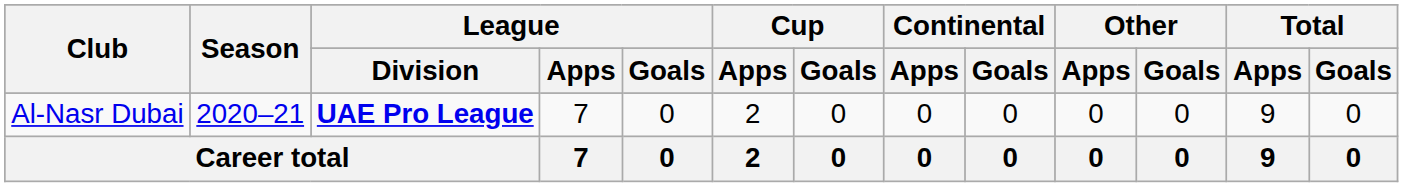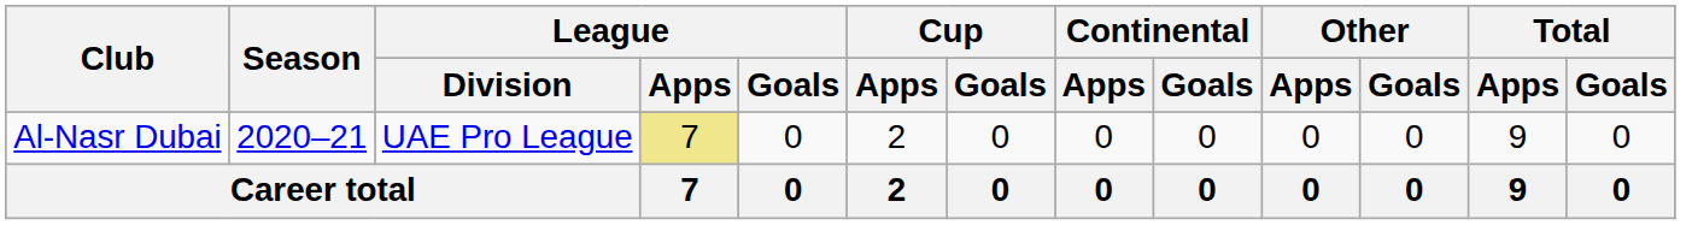 <table class="wikitable" style="text-align: center">
 <tr>
 <th rowspan="2">Club</th>
 <th rowspan="2">Season</th>
 <th colspan="3">League</th>
 <th colspan="2">Cup</th>
 <th colspan="2">Continental</th>
 <th colspan="2">Other</th>
 <th colspan="2">Total</th>
 </tr>
 <tr>
 <th>Division</th>
 <th>Apps</th>
 <th>Goals</th>
 <th>Apps</th>
 <th>Goals</th>
 <th>Apps</th>
 <th>Goals</th>
 <th>Apps</th>
 <th>Goals</th>
 <th>Apps</th>
 <th>Goals</th>
 </tr>
 <tr>
 <td><a href='#'>Al-Nasr Dubai</a></td>
 <td><a href='#'>2020–21</a></td>
-<td><strong><a href='#'>UAE Pro League</a></strong></td>
-<td>7</td>
+<td><a href='#'>UAE Pro League</a></td>
+<td style="background: khaki;">7</td>
 <td>0</td>
 <td>2</td>
 <td>0</td>
 <td>0</td>
 <td>0</td>
 <td>0</td>
 <td>0</td>
 <td>9</td>
 <td>0</td>
 </tr>
 <tr>
 <th colspan="3"><strong>Career total</strong></th>
 <th>7</th>
 <th>0</th>
 <th>2</th>
 <th>0</th>
 <th>0</th>
 <th>0</th>
 <th>0</th>
 <th>0</th>
 <th>9</th>
 <th>0</th>
 </tr>
 </table>
